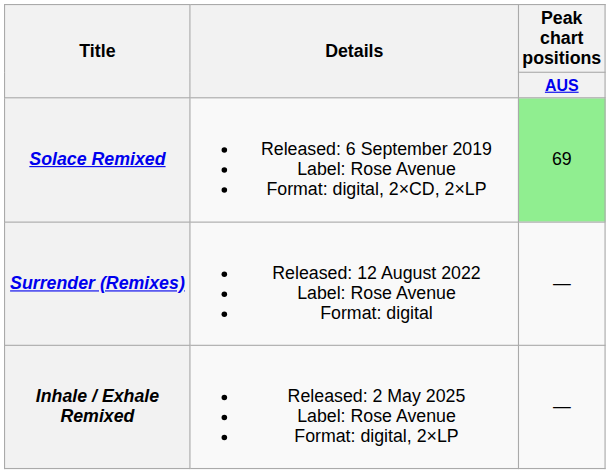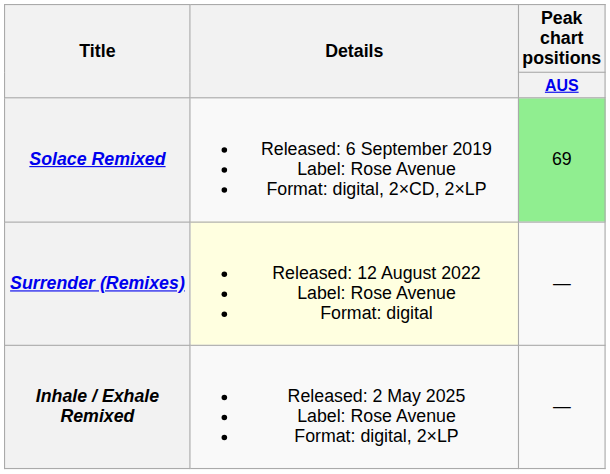 <table class="wikitable plainrowheaders" style="text-align:center;">
 <tr>
 <th scope="col" rowspan="2" style="width:10em;">Title</th>
 <th scope="col" rowspan="2" style="width:18em;">Details</th>
 <th scope="col" colspan="1">Peak chart positions</th>
 </tr>
 <tr>
 <th scope="col" style="width:2.2em;font-size:90%;"><a href='#'>AUS</a><br></th>
 </tr>
 <tr>
 <th scope="row"><em><a href='#'>Solace Remixed</a></em></th>
 <td><br><ul><li>Released: 6 September 2019</li><li>Label: Rose Avenue</li><li>Format: digital, 2×CD, 2×LP</li></ul></td>
 <td style="background: lightgreen;">69</td>
 </tr>
 <tr>
 <th scope="row"><em><a href='#'>Surrender (Remixes)</a></em></th>
-<td><br><ul><li>Released: 12 August 2022</li><li>Label: Rose Avenue</li><li>Format: digital</li></ul></td>
+<td style="background: lightyellow;"><br><ul><li>Released: 12 August 2022</li><li>Label: Rose Avenue</li><li>Format: digital</li></ul></td>
 <td>—</td>
 </tr>
 <tr>
 <th scope="row"><em>Inhale / Exhale Remixed</em></th>
 <td><br><ul><li>Released: 2 May 2025</li><li>Label: Rose Avenue</li><li>Format: digital, 2×LP</li></ul></td>
 <td>—</td>
 </tr>
 </table>
